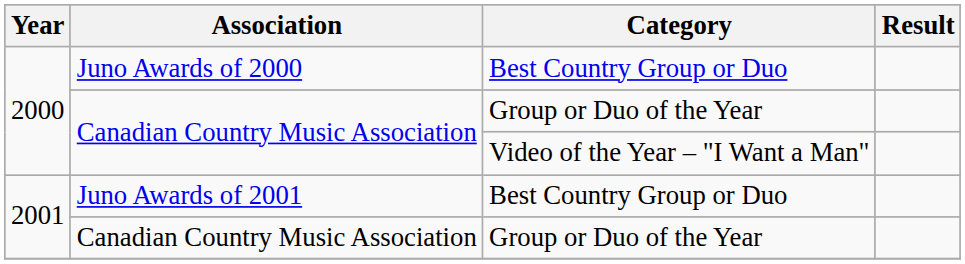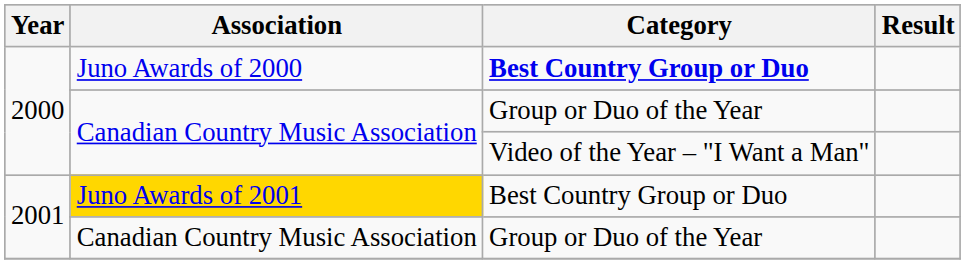 <table class="wikitable">
 <tr>
 <th>Year</th>
 <th>Association</th>
 <th>Category</th>
 <th>Result</th>
 </tr>
 <tr>
 <td rowspan="3">2000</td>
 <td><a href='#'>Juno Awards of 2000</a></td>
-<td><a href='#'>Best Country Group or Duo</a></td>
+<td><strong><a href='#'>Best Country Group or Duo</a></strong></td>
 <td></td>
 </tr>
 <tr>
 <td rowspan="2"><a href='#'>Canadian Country Music Association</a></td>
 <td>Group or Duo of the Year</td>
 <td></td>
 </tr>
 <tr>
 <td>Video of the Year – "I Want a Man"</td>
 <td></td>
 </tr>
 <tr>
 <td rowspan="2">2001</td>
-<td><a href='#'>Juno Awards of 2001</a></td>
+<td style="background: gold;"><a href='#'>Juno Awards of 2001</a></td>
 <td>Best Country Group or Duo</td>
 <td></td>
 </tr>
 <tr>
 <td>Canadian Country Music Association</td>
 <td>Group or Duo of the Year</td>
 <td></td>
 </tr>
 <tr>
 </tr>
 </table>
